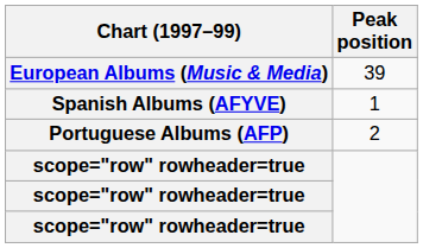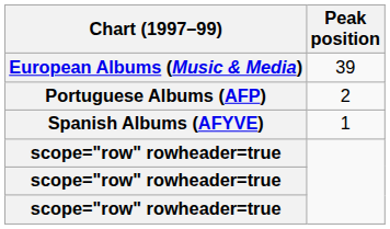 <table class="wikitable sortable plainrowheaders">
 <tr>
 <th align="left">Chart (1997–99)</th>
 <th align="left">Peak<br>position</th>
 </tr>
 <tr>
 <th scope="row"><a href='#'>European Albums</a> (<em><a href='#'>Music & Media</a></em>)</th>
 <td align="center">39</td>
 </tr>
 <tr>
+<th scope="row">Portuguese Albums (<a href='#'>AFP</a>)</th>
+<td align="center">2</td>
+</tr>
+<tr>
 <th scope="row" align="left">Spanish Albums (<a href='#'>AFYVE</a>)</th>
 <td align="center">1</td>
-</tr>
-<tr>
-<th scope="row">Portuguese Albums (<a href='#'>AFP</a>)</th>
-<td align="center">2</td>
 </tr>
 <tr>
 <th>scope="row" rowheader=true</th>
 </tr>
 <tr>
 <th>scope="row" rowheader=true</th>
 </tr>
 <tr>
 <th>scope="row" rowheader=true</th>
 </tr>
 </table>
